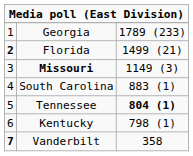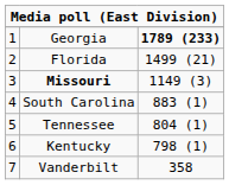 <table class="wikitable" style="display: inline-table;">
 <tr>
 <td align="center" Colspan="3"><strong>Media poll (East Division)</strong></td>
 </tr>
 <tr align="center">
 </tr>
 <tr align="center">
 <td>1</td>
 <td>Georgia</td>
-<td>1789 (233)</td>
+<td><strong>1789 (233)</strong></td>
 </tr>
 <tr align="center">
-<td><strong>2</strong></td>
+<td>2</td>
 <td>Florida</td>
 <td>1499 (21)</td>
 </tr>
 <tr align="center">
 <td>3</td>
 <td><strong>Missouri</strong></td>
 <td>1149 (3)</td>
 </tr>
 <tr align="center">
 <td>4</td>
 <td>South Carolina</td>
 <td>883 (1)</td>
 </tr>
 <tr align="center">
 <td>5</td>
 <td>Tennessee</td>
-<td><strong>804 (1)</strong></td>
+<td>804 (1)</td>
 </tr>
 <tr align="center">
 <td>6</td>
 <td>Kentucky</td>
 <td>798 (1)</td>
 </tr>
 <tr align="center">
-<td><strong>7</strong></td>
+<td>7</td>
 <td>Vanderbilt</td>
 <td>358</td>
 </tr>
 </table>
